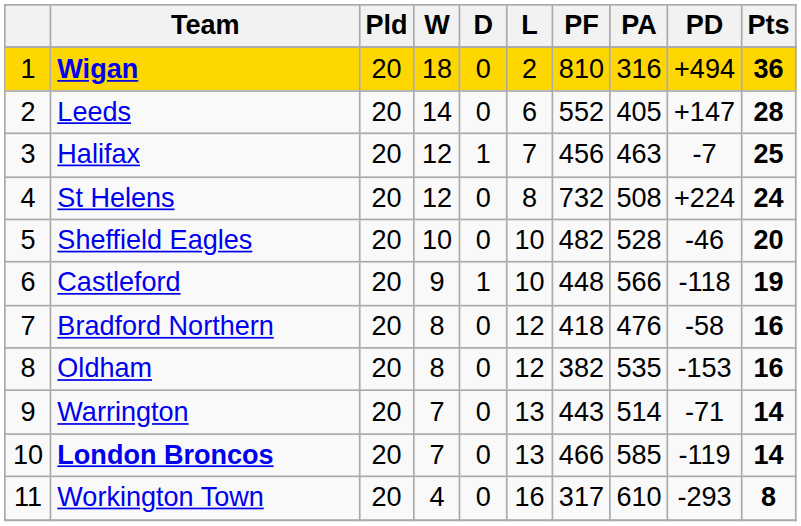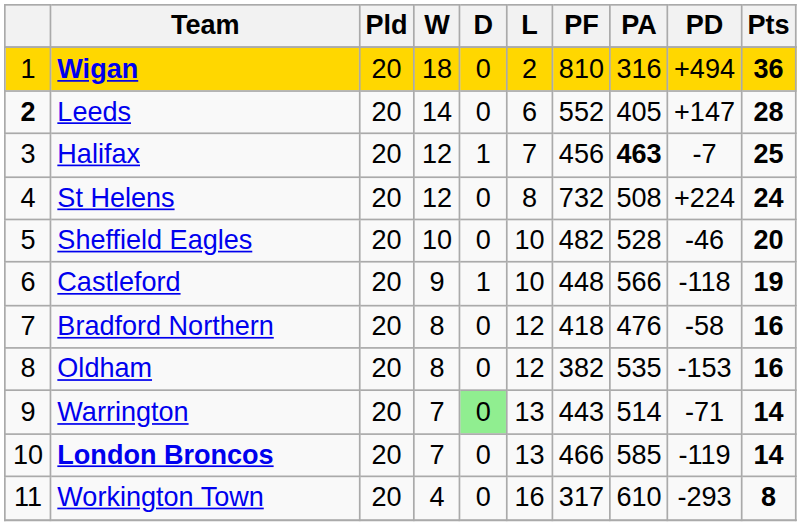 <table class="wikitable" style="text-align:center;">
 <tr>
 <th width=20 abbr="Position"></th>
 <th width=175>Team</th>
 <th width=20 abbr="Played">Pld</th>
 <th width=20 abbr="Won">W</th>
 <th width=20 abbr="Drawn">D</th>
 <th width=20 abbr="Lost">L</th>
 <th width=20 abbr="Points for">PF</th>
 <th width=20 abbr="Points against">PA</th>
 <th width=20 abbr="Points difference">PD</th>
 <th width=20 abbr="Points">Pts</th>
 </tr>
 <tr>
 </tr>
 <tr |- align=center style="background:#FFD700;">
 <td>1</td>
 <td style="text-align:left;"> <strong><a href='#'>Wigan</a></strong></td>
 <td>20</td>
 <td>18</td>
 <td>0</td>
 <td>2</td>
 <td>810</td>
 <td>316</td>
 <td>+494</td>
 <td><strong>36</strong></td>
 </tr>
 <tr>
-<td>2</td>
+<td><strong>2</strong></td>
 <td style="text-align:left;"> <a href='#'>Leeds</a></td>
 <td>20</td>
 <td>14</td>
 <td>0</td>
 <td>6</td>
 <td>552</td>
 <td>405</td>
 <td>+147</td>
 <td><strong>28</strong></td>
 </tr>
 <tr>
 <td>3</td>
 <td style="text-align:left;"> <a href='#'>Halifax</a></td>
 <td>20</td>
 <td>12</td>
 <td>1</td>
 <td>7</td>
 <td>456</td>
-<td>463</td>
+<td><strong>463</strong></td>
 <td>-7</td>
 <td><strong>25</strong></td>
 </tr>
 <tr>
 <td>4</td>
 <td style="text-align:left;"> <a href='#'>St Helens</a></td>
 <td>20</td>
 <td>12</td>
 <td>0</td>
 <td>8</td>
 <td>732</td>
 <td>508</td>
 <td>+224</td>
 <td><strong>24</strong></td>
 </tr>
 <tr>
 <td>5</td>
 <td style="text-align:left;"> <a href='#'>Sheffield Eagles</a></td>
 <td>20</td>
 <td>10</td>
 <td>0</td>
 <td>10</td>
 <td>482</td>
 <td>528</td>
 <td>-46</td>
 <td><strong>20</strong></td>
 </tr>
 <tr>
 <td>6</td>
 <td style="text-align:left;"> <a href='#'>Castleford</a></td>
 <td>20</td>
 <td>9</td>
 <td>1</td>
 <td>10</td>
 <td>448</td>
 <td>566</td>
 <td>-118</td>
 <td><strong>19</strong></td>
 </tr>
 <tr>
 <td>7</td>
 <td style="text-align:left;"> <a href='#'>Bradford Northern</a></td>
 <td>20</td>
 <td>8</td>
 <td>0</td>
 <td>12</td>
 <td>418</td>
 <td>476</td>
 <td>-58</td>
 <td><strong>16</strong></td>
 </tr>
 <tr>
 <td>8</td>
 <td style="text-align:left;"> <a href='#'>Oldham</a></td>
 <td>20</td>
 <td>8</td>
 <td>0</td>
 <td>12</td>
 <td>382</td>
 <td>535</td>
 <td>-153</td>
 <td><strong>16</strong></td>
 </tr>
 <tr>
 <td>9</td>
 <td style="text-align:left;"> <a href='#'>Warrington</a></td>
 <td>20</td>
 <td>7</td>
-<td>0</td>
+<td style="background: lightgreen;">0</td>
 <td>13</td>
 <td>443</td>
 <td>514</td>
 <td>-71</td>
 <td><strong>14</strong></td>
 </tr>
 <tr>
 <td>10</td>
 <td style="text-align:left;"> <strong><a href='#'>London Broncos</a></strong></td>
 <td>20</td>
 <td>7</td>
 <td>0</td>
 <td>13</td>
 <td>466</td>
 <td>585</td>
 <td>-119</td>
 <td><strong>14</strong></td>
 </tr>
 <tr>
 <td>11</td>
 <td style="text-align:left;"> <a href='#'>Workington Town</a></td>
 <td>20</td>
 <td>4</td>
 <td>0</td>
 <td>16</td>
 <td>317</td>
 <td>610</td>
 <td>-293</td>
 <td><strong>8</strong></td>
 </tr>
 <tr>
 </tr>
 </table>
